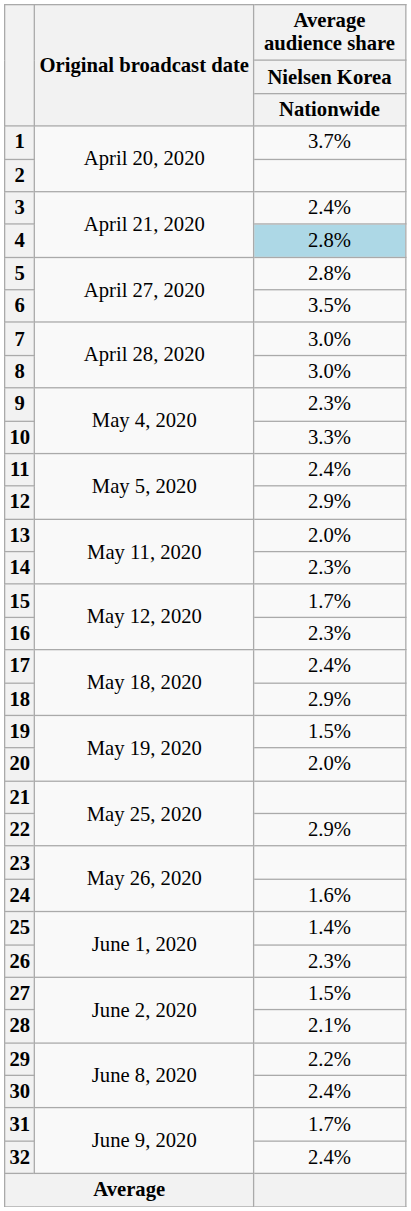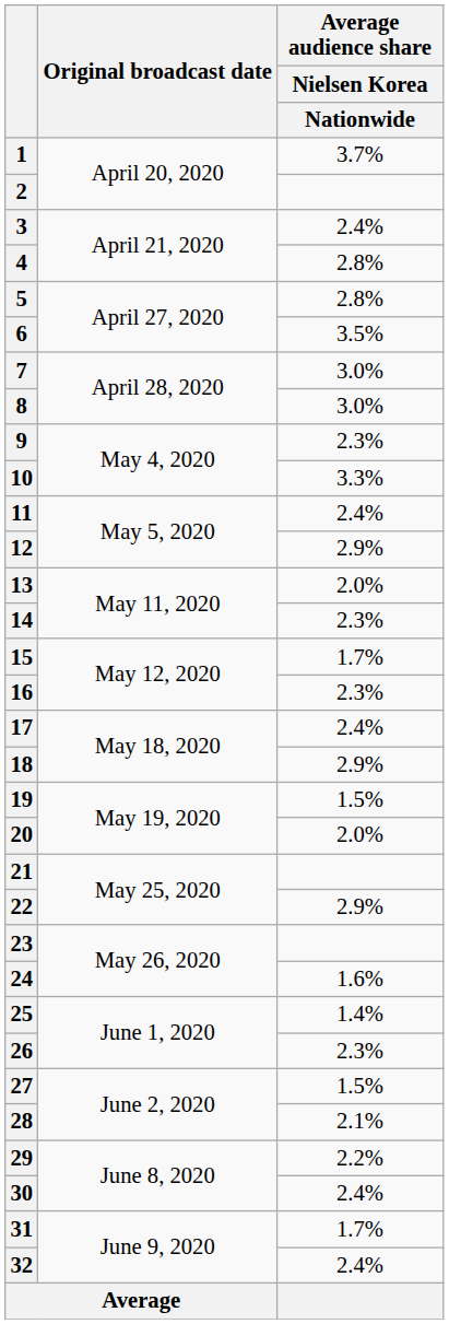 <table class="wikitable" style="text-align:center">
 <tr>
 <th rowspan="3"></th>
 <th rowspan="3">Original broadcast date</th>
 <th colspan="1">Average audience share</th>
 </tr>
 <tr>
 <th>Nielsen Korea</th>
 </tr>
 <tr>
 <th width="110">Nationwide</th>
 </tr>
 <tr>
 <th>1</th>
 <td rowspan="2">April 20, 2020</td>
 <td>3.7%</td>
 </tr>
 <tr>
 <th>2</th>
 <td></td>
 </tr>
 <tr>
 <th>3</th>
 <td rowspan="2">April 21, 2020</td>
 <td>2.4%</td>
 </tr>
 <tr>
 <th>4</th>
-<td style="background: lightblue;">2.8%</td>
+<td>2.8%</td>
 </tr>
 <tr>
 <th>5</th>
 <td rowspan="2">April 27, 2020</td>
 <td>2.8%</td>
 </tr>
 <tr>
 <th>6</th>
 <td>3.5%</td>
 </tr>
 <tr>
 <th>7</th>
 <td rowspan="2">April 28, 2020</td>
 <td>3.0%</td>
 </tr>
 <tr>
 <th>8</th>
 <td>3.0%</td>
 </tr>
 <tr>
 <th>9</th>
 <td rowspan="2">May 4, 2020</td>
 <td>2.3%</td>
 </tr>
 <tr>
 <th>10</th>
 <td>3.3%</td>
 </tr>
 <tr>
 <th>11</th>
 <td rowspan="2">May 5, 2020</td>
 <td>2.4%</td>
 </tr>
 <tr>
 <th>12</th>
 <td>2.9%</td>
 </tr>
 <tr>
 <th>13</th>
 <td rowspan="2">May 11, 2020</td>
 <td>2.0%</td>
 </tr>
 <tr>
 <th>14</th>
 <td>2.3%</td>
 </tr>
 <tr>
 <th>15</th>
 <td rowspan="2">May 12, 2020</td>
 <td>1.7%</td>
 </tr>
 <tr>
 <th>16</th>
 <td>2.3%</td>
 </tr>
 <tr>
 <th>17</th>
 <td rowspan="2">May 18, 2020</td>
 <td>2.4%</td>
 </tr>
 <tr>
 <th>18</th>
 <td>2.9%</td>
 </tr>
 <tr>
 <th>19</th>
 <td rowspan="2">May 19, 2020</td>
 <td>1.5%</td>
 </tr>
 <tr>
 <th>20</th>
 <td>2.0%</td>
 </tr>
 <tr>
 <th>21</th>
 <td rowspan="2">May 25, 2020</td>
 <td></td>
 </tr>
 <tr>
 <th>22</th>
 <td>2.9%</td>
 </tr>
 <tr>
 <th>23</th>
 <td rowspan="2">May 26, 2020</td>
 <td></td>
 </tr>
 <tr>
 <th>24</th>
 <td>1.6%</td>
 </tr>
 <tr>
 <th>25</th>
 <td rowspan="2">June 1, 2020</td>
 <td>1.4%</td>
 </tr>
 <tr>
 <th>26</th>
 <td>2.3%</td>
 </tr>
 <tr>
 <th>27</th>
 <td rowspan="2">June 2, 2020</td>
 <td>1.5%</td>
 </tr>
 <tr>
 <th>28</th>
 <td>2.1%</td>
 </tr>
 <tr>
 <th>29</th>
 <td rowspan="2">June 8, 2020</td>
 <td>2.2%</td>
 </tr>
 <tr>
 <th>30</th>
 <td>2.4%</td>
 </tr>
 <tr>
 <th>31</th>
 <td rowspan="2">June 9, 2020</td>
 <td>1.7%</td>
 </tr>
 <tr>
 <th>32</th>
 <td>2.4%</td>
 </tr>
 <tr>
 <th colspan="2">Average</th>
 <th></th>
 </tr>
 </table>
